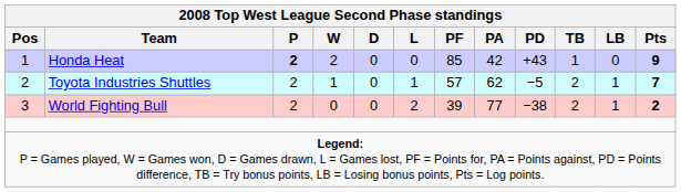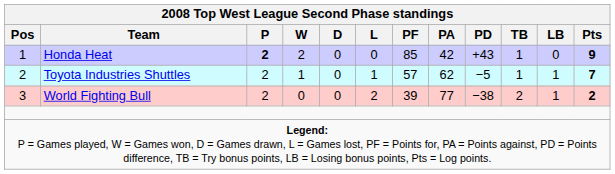 <table class="wikitable" style="text-align:center; font-size:100%; width:60%;">
 <tr>
 <th colspan="100%" cellpadding="0" cellspacing="0"><strong>2008 Top West League Second Phase standings</strong></th>
 </tr>
 <tr>
 <th style="width:6%;">Pos</th>
 <th style="width:34%;">Team</th>
 <th style="width:6%;">P</th>
 <th style="width:6%;">W</th>
 <th style="width:6%;">D</th>
 <th style="width:6%;">L</th>
 <th style="width:6%;">PF</th>
 <th style="width:6%;">PA</th>
 <th style="width:6%;">PD</th>
 <th style="width:6%;">TB</th>
 <th style="width:6%;">LB</th>
 <th style="width:6%;">Pts<br></th>
 </tr>
 <tr style="background:#CCCCFF;">
 <td>1</td>
 <td style="text-align:left;"><a href='#'>Honda Heat</a></td>
 <td><strong>2</strong></td>
 <td>2</td>
 <td>0</td>
 <td>0</td>
 <td>85</td>
 <td>42</td>
 <td>+43</td>
 <td>1</td>
 <td>0</td>
 <td><strong>9</strong></td>
 </tr>
 <tr style="background:#CFFCFF;">
 <td>2</td>
 <td style="text-align:left;"><a href='#'>Toyota Industries Shuttles</a></td>
 <td>2</td>
 <td>1</td>
 <td>0</td>
 <td>1</td>
 <td>57</td>
 <td>62</td>
 <td>−5</td>
-<td>2</td>
+<td>1</td>
 <td>1</td>
 <td><strong>7</strong></td>
 </tr>
 <tr style="background:#FFCCCC;">
 <td>3</td>
 <td style="text-align:left;"><a href='#'>World Fighting Bull</a></td>
 <td>2</td>
 <td>0</td>
 <td>0</td>
 <td>2</td>
 <td>39</td>
 <td>77</td>
 <td>−38</td>
 <td>2</td>
 <td>1</td>
 <td><strong>2</strong></td>
 </tr>
 <tr>
 <td colspan="100%" style="height:10px;"></td>
 </tr>
 <tr>
 <td colspan="100%"><small><strong>Legend:</strong> <br> P = Games played, W = Games won, D = Games drawn, L = Games lost, PF = Points for, PA = Points against, PD = Points difference, TB = Try bonus points, LB = Losing bonus points, Pts = Log points.</small></td>
 </tr>
 </table>
